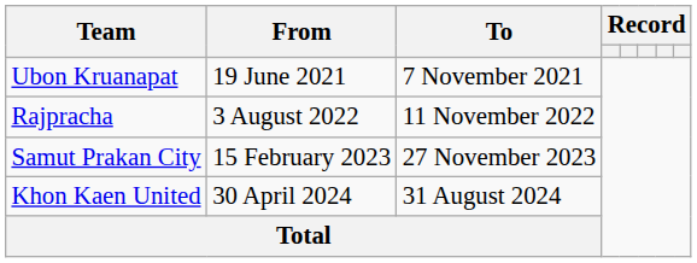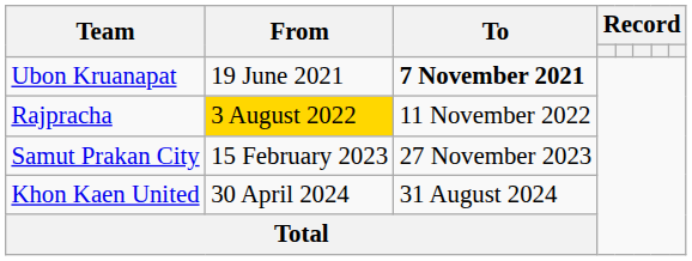 <table class="wikitable" style="text-align:center">
 <tr>
 <th rowspan=2>Team</th>
 <th rowspan=2>From</th>
 <th rowspan=2>To</th>
 <th colspan=7>Record</th>
 </tr>
 <tr>
 <th></th>
 <th></th>
 <th></th>
 <th></th>
 <th></th>
 </tr>
 <tr>
 <td align=left><a href='#'>Ubon Kruanapat</a></td>
 <td align=left>19 June 2021</td>
-<td align=left>7 November 2021<br></td>
+<td align=left><strong>7 November 2021<br></strong></td>
 </tr>
 <tr>
 <td align=left><a href='#'>Rajpracha</a></td>
-<td align=left>3 August 2022</td>
+<td align=left style="background: gold;">3 August 2022</td>
 <td align=left>11 November 2022<br></td>
 </tr>
 <tr>
 <td align=left><a href='#'>Samut Prakan City</a></td>
 <td align=left>15 February 2023</td>
 <td align=left>27 November 2023<br></td>
 </tr>
 <tr>
 <td align=left><a href='#'>Khon Kaen United</a></td>
 <td align=left>30 April 2024</td>
 <td align=left>31 August 2024<br></td>
 </tr>
 <tr>
 <th colspan=3>Total<br></th>
 </tr>
 </table>
